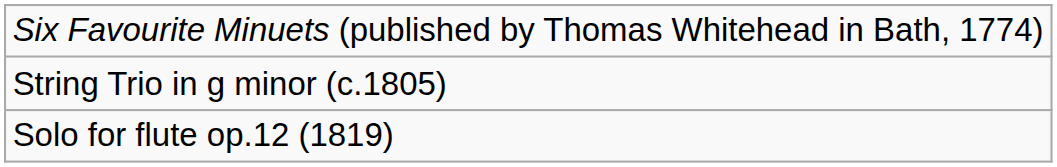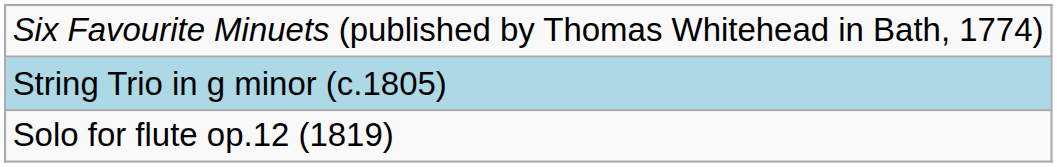 <table class="wikitable">
 <tr>
 <td><em>Six Favourite Minuets</em> (published by Thomas Whitehead in Bath, 1774)</td>
 </tr>
 <tr>
-<td>String Trio in g minor (c.1805)</td>
+<td style="background: lightblue;">String Trio in g minor (c.1805)</td>
 </tr>
 <tr>
 <td>Solo for flute op.12 (1819)</td>
 </tr>
 </table>
